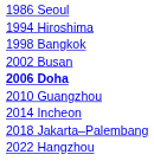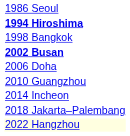 <table>
 <tr>
 <td><a href='#'>1986 Seoul</a></td>
 <td></td>
 <td></td>
 <td></td>
 </tr>
 <tr>
-<td><a href='#'>1994 Hiroshima</a></td>
+<td><strong><a href='#'>1994 Hiroshima</a></strong></td>
 <td></td>
 <td></td>
 <td></td>
 </tr>
 <tr>
 <td><a href='#'>1998 Bangkok</a></td>
 <td></td>
 <td></td>
 <td></td>
 </tr>
 <tr>
-<td><a href='#'>2002 Busan</a></td>
+<td><strong><a href='#'>2002 Busan</a></strong></td>
 <td></td>
 <td></td>
 <td></td>
 </tr>
 <tr>
-<td><strong><a href='#'>2006 Doha</a></strong></td>
+<td><a href='#'>2006 Doha</a></td>
 <td></td>
 <td></td>
 <td></td>
 </tr>
 <tr>
 <td><a href='#'>2010 Guangzhou</a></td>
 <td></td>
 <td></td>
 <td></td>
 </tr>
 <tr>
 <td><a href='#'>2014 Incheon</a></td>
 <td></td>
 <td></td>
 <td></td>
 </tr>
 <tr>
 <td><a href='#'>2018 Jakarta–Palembang</a></td>
 <td></td>
 <td></td>
 <td></td>
 </tr>
 <tr>
-<td><a href='#'>2022 Hangzhou</a></td>
+<td style="background: lightyellow;"><a href='#'>2022 Hangzhou</a></td>
 <td></td>
 <td></td>
 <td></td>
 </tr>
 </table>
